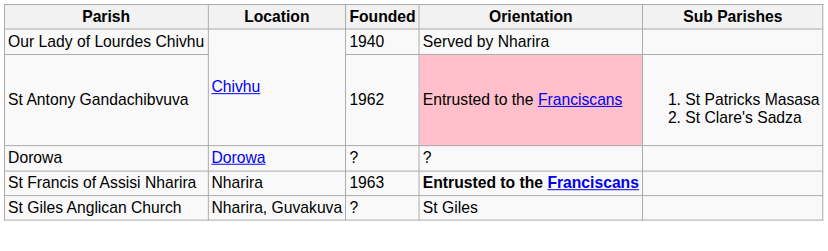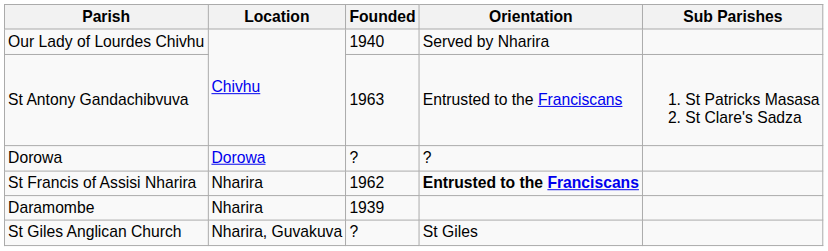 <table class="wikitable sortable">
 <tr>
 <th>Parish</th>
 <th>Location</th>
 <th>Founded</th>
 <th>Orientation</th>
 <th>Sub Parishes</th>
 </tr>
 <tr>
 <td>Our Lady of Lourdes Chivhu</td>
 <td rowspan="2"><a href='#'>Chivhu</a></td>
 <td>1940</td>
 <td>Served by Nharira</td>
 <td></td>
 </tr>
 <tr>
 <td>St Antony Gandachibvuva</td>
-<td>1962</td>
-<td style="background: pink;">Entrusted to the <a href='#'>Franciscans</a></td>
+<td>1963</td>
+<td>Entrusted to the <a href='#'>Franciscans</a></td>
 <td><br><ol><li>St Patricks Masasa</li><li>St Clare's Sadza</li></ol></td>
 </tr>
 <tr>
 <td>Dorowa</td>
 <td><a href='#'>Dorowa</a></td>
 <td>?</td>
 <td>?</td>
 <td></td>
 </tr>
 <tr>
 <td>St Francis of Assisi Nharira</td>
 <td>Nharira</td>
-<td>1963</td>
+<td>1962</td>
 <td><strong>Entrusted to the <a href='#'>Franciscans</a></strong></td>
+</tr>
+<tr>
+<td>Daramombe</td>
+<td>Nharira</td>
+<td>1939</td>
+<td></td>
+<td></td>
 </tr>
 <tr>
 <td>St Giles Anglican Church</td>
 <td>Nharira, Guvakuva</td>
 <td>?</td>
 <td>St Giles</td>
 <td></td>
 </tr>
 </table>
